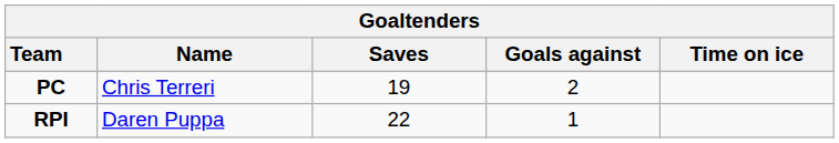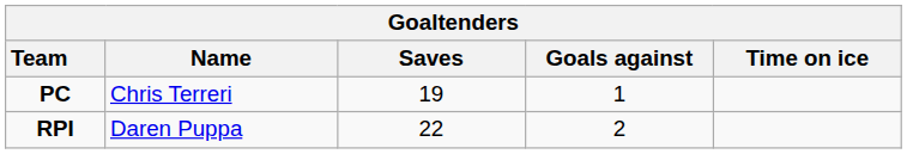 <table class="wikitable" style="width:40em; text-align:right;">
 <tr>
 <th colspan=5>Goaltenders</th>
 </tr>
 <tr>
 <th style="width:4em; text-align:left;">Team</th>
 <th style="width:10em;">Name</th>
 <th style="width:8em;">Saves</th>
 <th style="width:8em;">Goals against</th>
 <th style="width:8em;">Time on ice</th>
 </tr>
 <tr>
 <td align=center><strong>PC</strong></td>
 <td style="text-align:left;"><a href='#'>Chris Terreri</a></td>
 <td align=center>19</td>
-<td align=center>2</td>
+<td align=center>1</td>
 <td align=center></td>
 </tr>
 <tr>
 <td align=center><strong>RPI</strong></td>
 <td style="text-align:left;"><a href='#'>Daren Puppa</a></td>
 <td align=center>22</td>
-<td align=center>1</td>
+<td align=center>2</td>
 <td align=center></td>
 </tr>
 </table>
